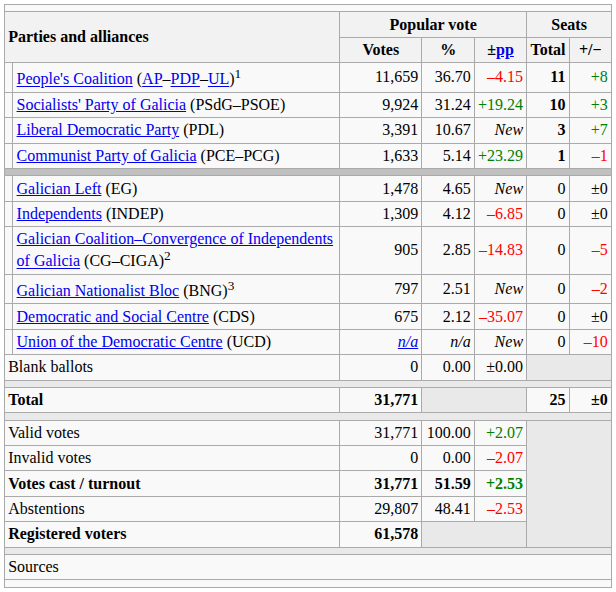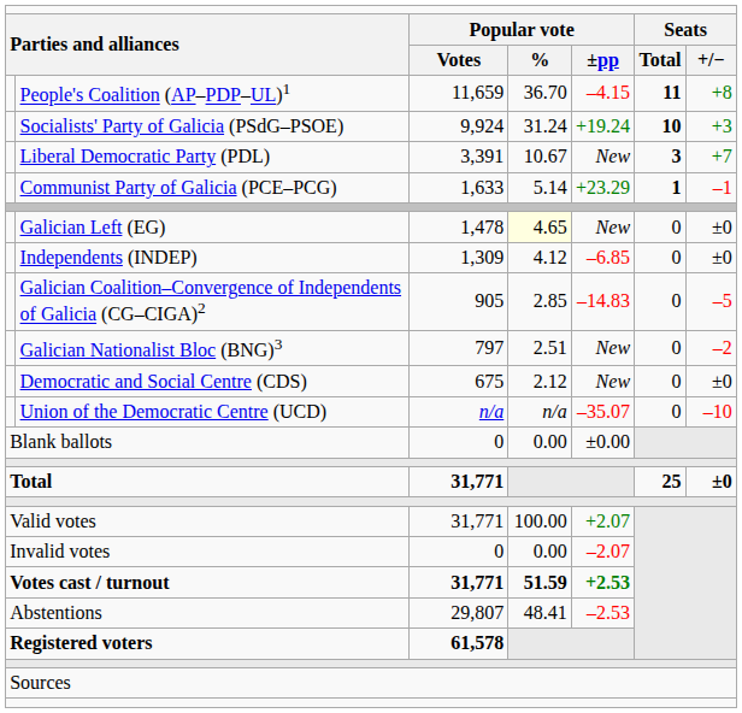 <table class="wikitable" style="text-align:right;">
 <tr>
 <td colspan="7"></td>
 </tr>
 <tr>
 <th style="text-align:left;" rowspan="2" colspan="2" width="525">Parties and alliances</th>
 <th colspan="3">Popular vote</th>
 <th colspan="2">Seats</th>
 </tr>
 <tr>
 <th width="75">Votes</th>
 <th width="45">%</th>
 <th width="45">±<a href='#'>pp</a></th>
 <th width="35">Total</th>
 <th width="35">+/−</th>
 </tr>
 <tr>
 <td width="1" style="color:inherit;background:"></td>
 <td align="left"><a href='#'>People's Coalition</a> (<a href='#'>AP</a>–<a href='#'>PDP</a>–<a href='#'>UL</a>)<sup>1</sup></td>
 <td>11,659</td>
 <td>36.70</td>
 <td style="color:red;">–4.15</td>
 <td><strong>11</strong></td>
 <td style="color:green;">+8</td>
 </tr>
 <tr>
 <td style="color:inherit;background:"></td>
 <td align="left"><a href='#'>Socialists' Party of Galicia</a> (PSdG–PSOE)</td>
 <td>9,924</td>
 <td>31.24</td>
 <td style="color:green;">+19.24</td>
 <td><strong>10</strong></td>
 <td style="color:green;">+3</td>
 </tr>
 <tr>
 <td style="color:inherit;background:"></td>
 <td align="left"><a href='#'>Liberal Democratic Party</a> (PDL)</td>
 <td>3,391</td>
 <td>10.67</td>
 <td><em>New</em></td>
 <td><strong>3</strong></td>
 <td style="color:green;">+7</td>
 </tr>
 <tr>
 <td style="color:inherit;background:"></td>
 <td align="left"><a href='#'>Communist Party of Galicia</a> (PCE–PCG)</td>
 <td>1,633</td>
 <td>5.14</td>
 <td style="color:green;">+23.29</td>
 <td><strong>1</strong></td>
 <td style="color:red;">–1</td>
 </tr>
 <tr>
 <td colspan="7" bgcolor="#C0C0C0"></td>
 </tr>
 <tr>
 <td style="color:inherit;background:"></td>
 <td align="left"><a href='#'>Galician Left</a> (EG)</td>
 <td>1,478</td>
-<td>4.65</td>
+<td style="background: lightyellow;">4.65</td>
 <td><em>New</em></td>
 <td>0</td>
 <td>±0</td>
 </tr>
 <tr>
 <td style="color:inherit;background:"></td>
 <td align="left"><a href='#'>Independents</a> (INDEP)</td>
 <td>1,309</td>
 <td>4.12</td>
 <td style="color:red;">–6.85</td>
 <td>0</td>
 <td>±0</td>
 </tr>
 <tr>
 <td style="color:inherit;background:"></td>
 <td align="left"><a href='#'>Galician Coalition–Convergence of Independents of Galicia</a> (CG–CIGA)<sup>2</sup></td>
 <td>905</td>
 <td>2.85</td>
 <td style="color:red;">–14.83</td>
 <td>0</td>
 <td style="color:red;">–5</td>
 </tr>
 <tr>
 <td style="color:inherit;background:"></td>
 <td align="left"><a href='#'>Galician Nationalist Bloc</a> (BNG)<sup>3</sup></td>
 <td>797</td>
 <td>2.51</td>
 <td><em>New</em></td>
 <td>0</td>
 <td style="color:red;">–2</td>
 </tr>
 <tr>
 <td style="color:inherit;background:"></td>
 <td align="left"><a href='#'>Democratic and Social Centre</a> (CDS)</td>
 <td>675</td>
 <td>2.12</td>
-<td style="color:red;">–35.07</td>
+<td><em>New</em></td>
 <td>0</td>
 <td>±0</td>
 </tr>
 <tr>
 <td style="color:inherit;background:"></td>
 <td align="left"><a href='#'>Union of the Democratic Centre</a> (UCD)</td>
 <td><em><a href='#'>n/a</a></em></td>
 <td><em>n/a</em></td>
-<td><em>New</em></td>
+<td style="color:red;">–35.07</td>
 <td>0</td>
 <td style="color:red;">–10</td>
 </tr>
 <tr>
 <td align="left" colspan="2">Blank ballots</td>
 <td>0</td>
 <td>0.00</td>
 <td>±0.00</td>
 <td bgcolor="#E9E9E9" colspan="2"></td>
 </tr>
 <tr>
 <td colspan="7" bgcolor="#E9E9E9"></td>
 </tr>
 <tr style="font-weight:bold;">
 <td align="left" colspan="2">Total</td>
 <td>31,771</td>
 <td bgcolor="#E9E9E9" colspan="2"></td>
 <td>25</td>
 <td>±0</td>
 </tr>
 <tr>
 <td colspan="7" bgcolor="#E9E9E9"></td>
 </tr>
 <tr>
 <td align="left" colspan="2">Valid votes</td>
 <td>31,771</td>
 <td>100.00</td>
 <td style="color:green;">+2.07</td>
 <td bgcolor="#E9E9E9" colspan="2" rowspan="5"></td>
 </tr>
 <tr>
 <td align="left" colspan="2">Invalid votes</td>
 <td>0</td>
 <td>0.00</td>
 <td style="color:red;">–2.07</td>
 </tr>
 <tr style="font-weight:bold;">
 <td align="left" colspan="2">Votes cast / turnout</td>
 <td>31,771</td>
 <td>51.59</td>
 <td style="color:green;">+2.53</td>
 </tr>
 <tr>
 <td align="left" colspan="2">Abstentions</td>
 <td>29,807</td>
 <td>48.41</td>
 <td style="color:red;">–2.53</td>
 </tr>
 <tr style="font-weight:bold;">
 <td align="left" colspan="2">Registered voters</td>
 <td>61,578</td>
 <td bgcolor="#E9E9E9" colspan="2"></td>
 </tr>
 <tr>
 <td colspan="7" bgcolor="#E9E9E9"></td>
 </tr>
 <tr>
 <td align="left" colspan="7">Sources</td>
 </tr>
 <tr>
 <td colspan="7" style="text-align:left; max-width:790px;"></td>
 </tr>
 </table>
